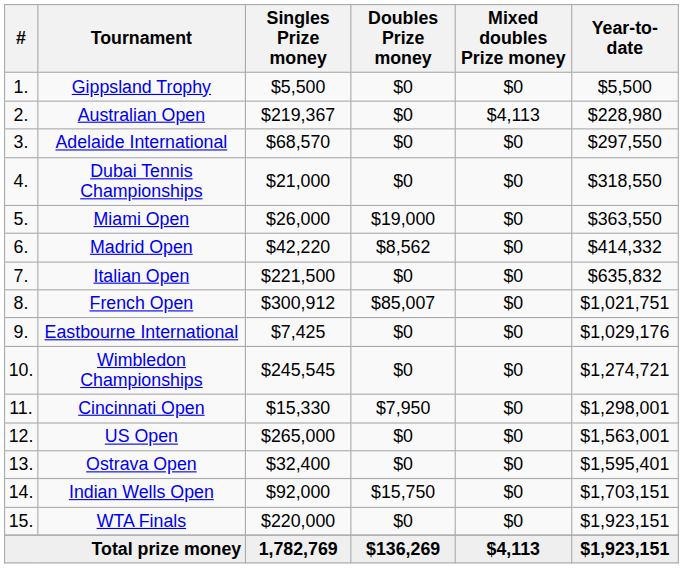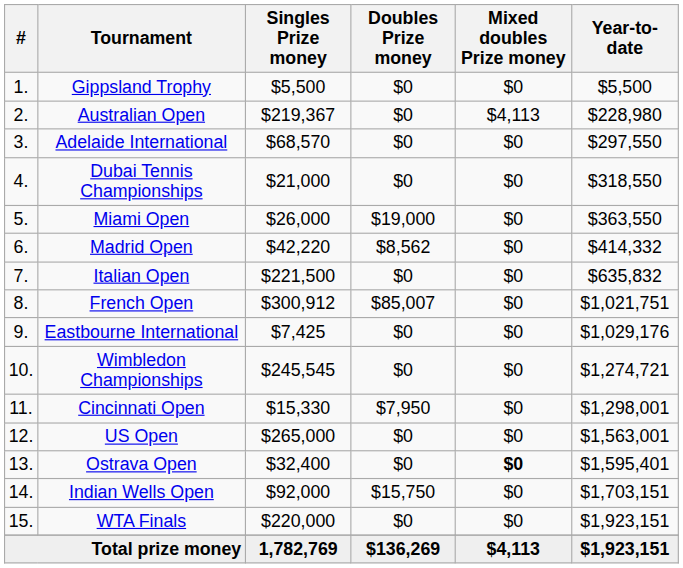 <table class="wikitable sortable" style="text-align:center">
 <tr>
 <th>#</th>
 <th>Tournament</th>
 <th>Singles<br>Prize money</th>
 <th>Doubles<br>Prize money</th>
 <th>Mixed doubles<br>Prize money</th>
 <th>Year-to-date</th>
 </tr>
 <tr>
 <td>1.</td>
 <td><a href='#'>Gippsland Trophy</a></td>
 <td>$5,500</td>
 <td>$0</td>
 <td>$0</td>
 <td>$5,500</td>
 </tr>
 <tr>
 <td>2.</td>
 <td><a href='#'>Australian Open</a></td>
 <td>$219,367</td>
 <td>$0</td>
 <td>$4,113</td>
 <td>$228,980</td>
 </tr>
 <tr>
 <td>3.</td>
 <td><a href='#'>Adelaide International</a></td>
 <td>$68,570</td>
 <td>$0</td>
 <td>$0</td>
 <td>$297,550</td>
 </tr>
 <tr>
 <td>4.</td>
 <td><a href='#'>Dubai Tennis Championships</a></td>
 <td>$21,000</td>
 <td>$0</td>
 <td>$0</td>
 <td>$318,550</td>
 </tr>
 <tr>
 <td>5.</td>
 <td><a href='#'>Miami Open</a></td>
 <td>$26,000</td>
 <td>$19,000</td>
 <td>$0</td>
 <td>$363,550</td>
 </tr>
 <tr>
 <td>6.</td>
 <td><a href='#'>Madrid Open</a></td>
 <td>$42,220</td>
 <td>$8,562</td>
 <td>$0</td>
 <td>$414,332</td>
 </tr>
 <tr>
 <td>7.</td>
 <td><a href='#'>Italian Open</a></td>
 <td>$221,500</td>
 <td>$0</td>
 <td>$0</td>
 <td>$635,832</td>
 </tr>
 <tr>
 <td>8.</td>
 <td><a href='#'>French Open</a></td>
 <td>$300,912</td>
 <td>$85,007</td>
 <td>$0</td>
 <td>$1,021,751</td>
 </tr>
 <tr>
 <td>9.</td>
 <td><a href='#'>Eastbourne International</a></td>
 <td>$7,425</td>
 <td>$0</td>
 <td>$0</td>
 <td>$1,029,176</td>
 </tr>
 <tr>
 <td>10.</td>
 <td><a href='#'>Wimbledon Championships</a></td>
 <td>$245,545</td>
 <td>$0</td>
 <td>$0</td>
 <td>$1,274,721</td>
 </tr>
 <tr>
 <td>11.</td>
 <td><a href='#'>Cincinnati Open</a></td>
 <td>$15,330</td>
 <td>$7,950</td>
 <td>$0</td>
 <td>$1,298,001</td>
 </tr>
 <tr>
 <td>12.</td>
 <td><a href='#'>US Open</a></td>
 <td>$265,000</td>
 <td>$0</td>
 <td>$0</td>
 <td>$1,563,001</td>
 </tr>
 <tr>
 <td>13.</td>
 <td><a href='#'>Ostrava Open</a></td>
 <td>$32,400</td>
 <td>$0</td>
-<td>$0</td>
+<td><strong>$0</strong></td>
 <td>$1,595,401</td>
 </tr>
 <tr>
 <td>14.</td>
 <td><a href='#'>Indian Wells Open</a></td>
 <td>$92,000</td>
 <td>$15,750</td>
 <td>$0</td>
 <td>$1,703,151</td>
 </tr>
 <tr>
 <td>15.</td>
 <td><a href='#'>WTA Finals</a></td>
 <td>$220,000</td>
 <td>$0</td>
 <td>$0</td>
 <td>$1,923,151</td>
 </tr>
 <tr>
 </tr>
 <tr style ="background:#efefef">
 <td colspan="2" align="right"><strong>Total prize money</strong></td>
 <td><strong>1,782,769</strong></td>
 <td><strong>$136,269</strong></td>
 <td><strong>$4,113</strong></td>
 <td><strong>$1,923,151</strong></td>
 </tr>
 </table>
